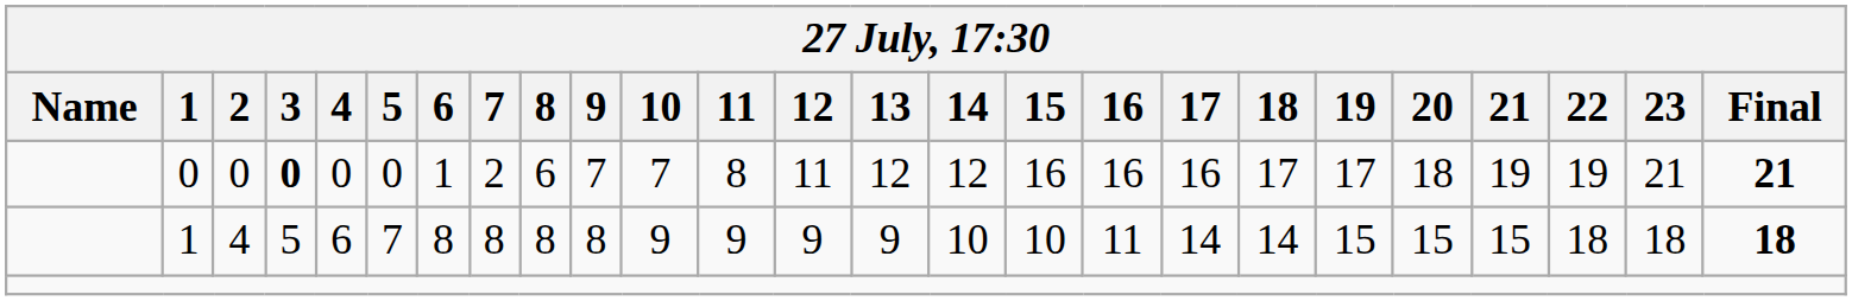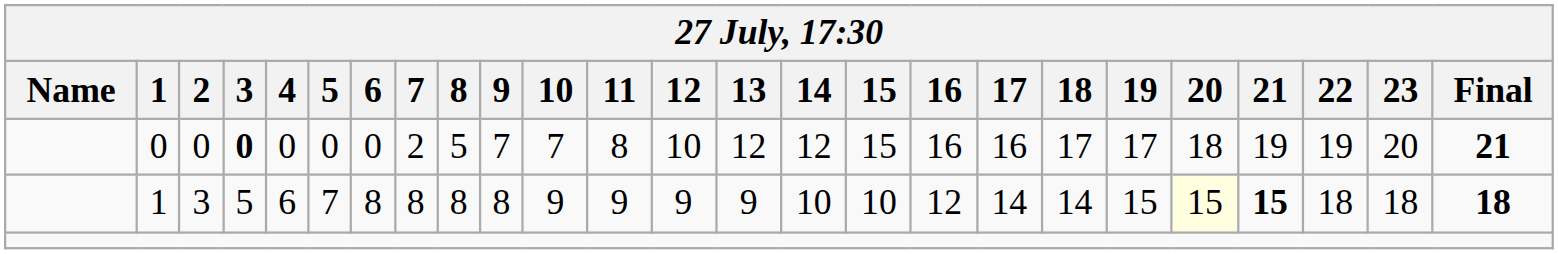 <table class=wikitable style="text-align:center; width: 55%">
 <tr>
 <th colspan=26><em>27 July, 17:30</em></th>
 </tr>
 <tr>
 <th>Name</th>
 <th>1</th>
 <th>2</th>
 <th>3</th>
 <th>4</th>
 <th>5</th>
 <th>6</th>
 <th>7</th>
 <th>8</th>
 <th>9</th>
 <th>10</th>
 <th>11</th>
 <th>12</th>
 <th>13</th>
 <th>14</th>
 <th>15</th>
 <th>16</th>
 <th>17</th>
 <th>18</th>
 <th>19</th>
 <th>20</th>
 <th>21</th>
 <th>22</th>
 <th>23</th>
 <th>Final</th>
 </tr>
 <tr>
 <td align=left><strong></strong></td>
 <td>0</td>
 <td>0</td>
 <td><strong>0</strong></td>
 <td>0</td>
 <td>0</td>
-<td>1</td>
+<td>0</td>
 <td>2</td>
-<td>6</td>
+<td>5</td>
 <td>7</td>
 <td>7</td>
 <td>8</td>
-<td>11</td>
+<td>10</td>
 <td>12</td>
 <td>12</td>
-<td>16</td>
+<td>15</td>
 <td>16</td>
 <td>16</td>
 <td>17</td>
 <td>17</td>
 <td>18</td>
 <td>19</td>
 <td>19</td>
-<td>21</td>
+<td>20</td>
 <td><strong>21</strong></td>
 </tr>
 <tr>
 <td align=left></td>
 <td>1</td>
-<td>4</td>
+<td>3</td>
 <td>5</td>
 <td>6</td>
 <td>7</td>
 <td>8</td>
 <td>8</td>
 <td>8</td>
 <td>8</td>
 <td>9</td>
 <td>9</td>
 <td>9</td>
 <td>9</td>
 <td>10</td>
 <td>10</td>
-<td>11</td>
+<td>12</td>
 <td>14</td>
 <td>14</td>
 <td>15</td>
-<td>15</td>
-<td>15</td>
+<td style="background: lightyellow;">15</td>
+<td><strong>15</strong></td>
 <td>18</td>
 <td>18</td>
 <td><strong>18</strong></td>
 </tr>
 <tr>
 <td colspan=26></td>
 </tr>
 </table>
